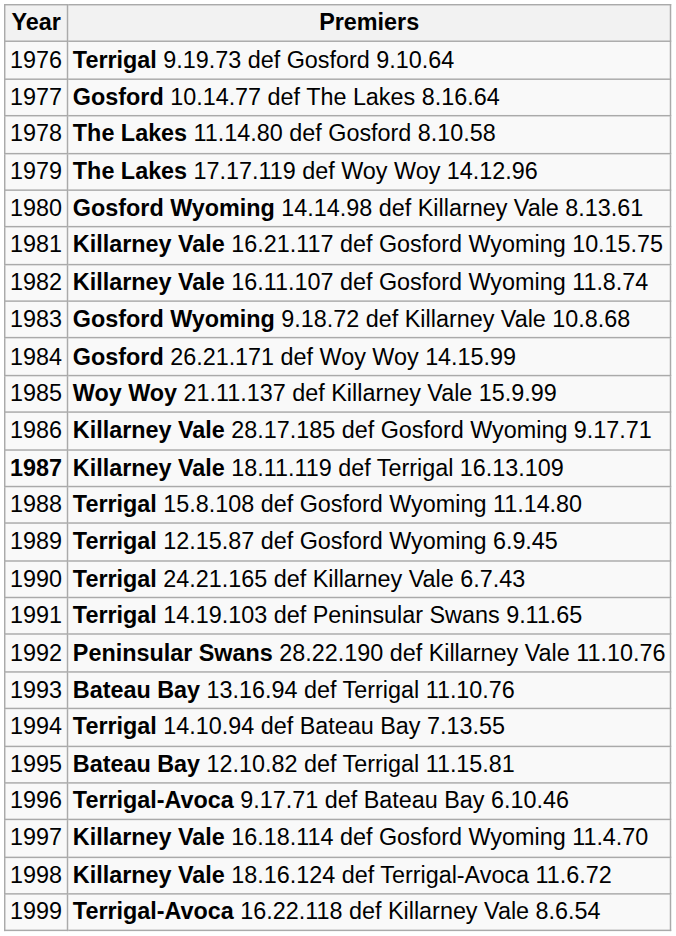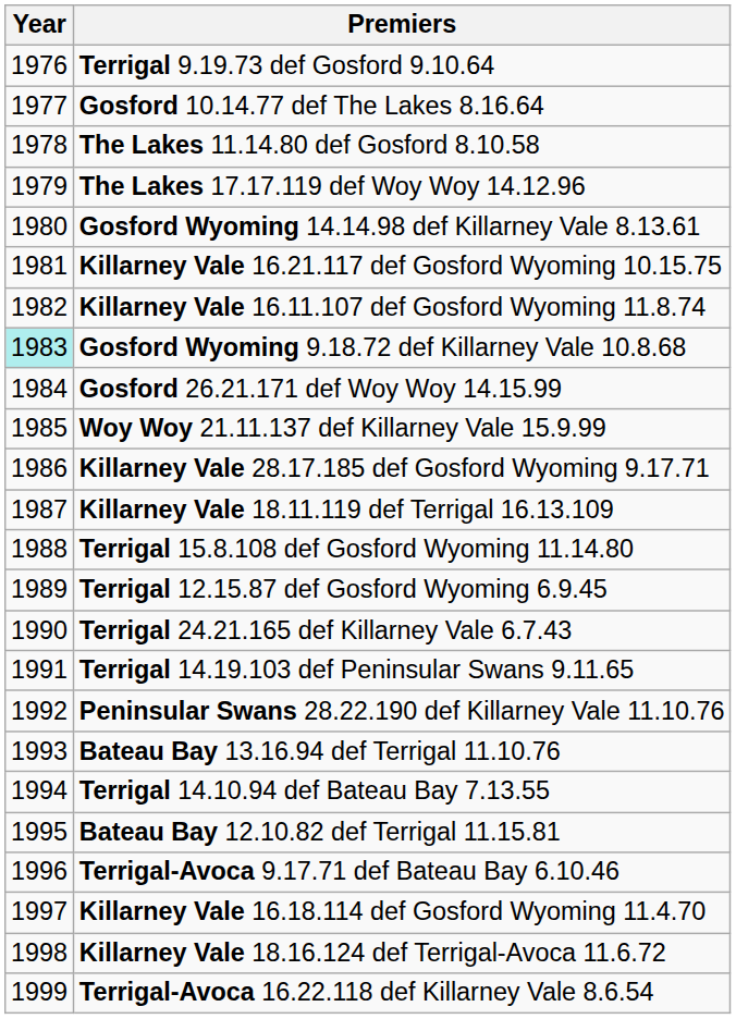 <table class="wikitable">
 <tr>
 <th>Year</th>
 <th>Premiers</th>
 </tr>
 <tr>
 <td>1976</td>
 <td><strong>Terrigal</strong> 9.19.73 def Gosford 9.10.64</td>
 </tr>
 <tr>
 <td>1977</td>
 <td><strong>Gosford</strong> 10.14.77 def The Lakes 8.16.64</td>
 </tr>
 <tr>
 <td>1978</td>
 <td><strong>The Lakes</strong> 11.14.80 def Gosford 8.10.58</td>
 </tr>
 <tr>
 <td>1979</td>
 <td><strong>The Lakes</strong> 17.17.119 def Woy Woy 14.12.96</td>
 </tr>
 <tr>
 <td>1980</td>
 <td><strong>Gosford Wyoming</strong> 14.14.98 def Killarney Vale 8.13.61</td>
 </tr>
 <tr>
 <td>1981</td>
 <td><strong>Killarney Vale</strong> 16.21.117 def Gosford Wyoming 10.15.75</td>
 </tr>
 <tr>
 <td>1982</td>
 <td><strong>Killarney Vale</strong> 16.11.107 def Gosford Wyoming 11.8.74</td>
 </tr>
 <tr>
-<td>1983</td>
+<td style="background: paleturquoise;">1983</td>
 <td><strong>Gosford Wyoming</strong> 9.18.72 def Killarney Vale 10.8.68</td>
 </tr>
 <tr>
 <td>1984</td>
 <td><strong>Gosford</strong> 26.21.171 def Woy Woy 14.15.99</td>
 </tr>
 <tr>
 <td>1985</td>
 <td><strong>Woy Woy</strong> 21.11.137 def Killarney Vale 15.9.99</td>
 </tr>
 <tr>
 <td>1986</td>
 <td><strong>Killarney Vale</strong> 28.17.185 def Gosford Wyoming 9.17.71</td>
 </tr>
 <tr>
-<td><strong>1987</strong></td>
+<td>1987</td>
 <td><strong>Killarney Vale</strong> 18.11.119 def Terrigal 16.13.109</td>
 </tr>
 <tr>
 <td>1988</td>
 <td><strong>Terrigal</strong> 15.8.108 def Gosford Wyoming 11.14.80</td>
 </tr>
 <tr>
 <td>1989</td>
 <td><strong>Terrigal</strong> 12.15.87 def Gosford Wyoming 6.9.45</td>
 </tr>
 <tr>
 <td>1990</td>
 <td><strong>Terrigal</strong> 24.21.165 def Killarney Vale 6.7.43</td>
 </tr>
 <tr>
 <td>1991</td>
 <td><strong>Terrigal</strong> 14.19.103 def Peninsular Swans 9.11.65</td>
 </tr>
 <tr>
 <td>1992</td>
 <td><strong>Peninsular Swans</strong> 28.22.190 def Killarney Vale 11.10.76</td>
 </tr>
 <tr>
 <td>1993</td>
 <td><strong>Bateau Bay</strong> 13.16.94 def Terrigal 11.10.76</td>
 </tr>
 <tr>
 <td>1994</td>
 <td><strong>Terrigal</strong> 14.10.94 def Bateau Bay 7.13.55</td>
 </tr>
 <tr>
 <td>1995</td>
 <td><strong>Bateau Bay</strong> 12.10.82 def Terrigal 11.15.81</td>
 </tr>
 <tr>
 <td>1996</td>
 <td><strong>Terrigal-Avoca</strong> 9.17.71 def Bateau Bay 6.10.46</td>
 </tr>
 <tr>
 <td>1997</td>
 <td><strong>Killarney Vale</strong> 16.18.114 def Gosford Wyoming 11.4.70</td>
 </tr>
 <tr>
 <td>1998</td>
 <td><strong>Killarney Vale</strong> 18.16.124 def Terrigal-Avoca 11.6.72</td>
 </tr>
 <tr>
 <td>1999</td>
 <td><strong>Terrigal-Avoca</strong> 16.22.118 def Killarney Vale 8.6.54</td>
 </tr>
 </table>
